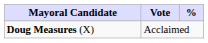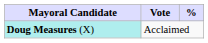 <table class="wikitable">
 <tr>
 <th style="background:#ddf; width:200px;">Mayoral Candidate</th>
 <th style="background:#ddf; width:50px;">Vote</th>
 <th style="background:#ddf; width:30px;">%</th>
 </tr>
 <tr>
-<td><strong>Doug Measures</strong> (X)</td>
+<td style="background: paleturquoise;"><strong>Doug Measures</strong> (X)</td>
 <td colspan="2">Acclaimed</td>
 </tr>
 </table>
